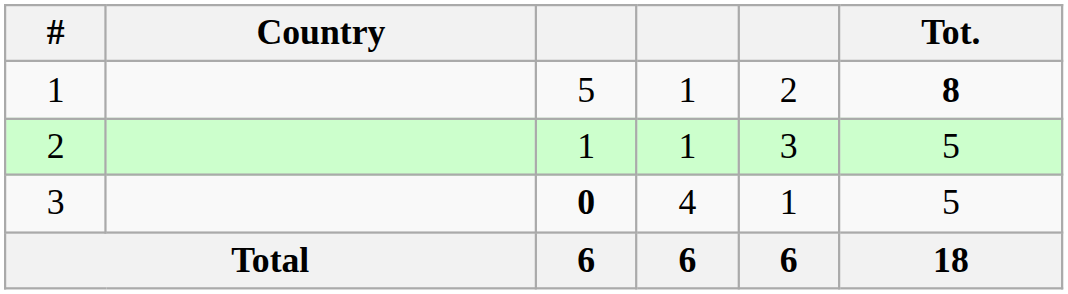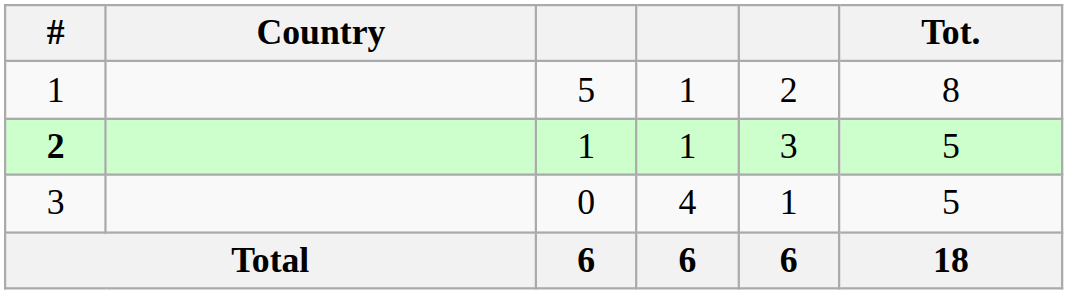 <table class="wikitable" width=30% style="font-size:100%; text-align:center;">
 <tr>
 <th>#</th>
 <th>Country</th>
 <th></th>
 <th></th>
 <th></th>
 <th>Tot.</th>
 </tr>
 <tr>
 <td>1</td>
 <td align=left></td>
 <td>5</td>
 <td>1</td>
 <td>2</td>
-<td><strong>8</strong></td>
+<td>8</td>
 </tr>
 <tr style="background:#ccffcc;">
-<td>2</td>
+<td><strong>2</strong></td>
 <td align=left></td>
 <td>1</td>
 <td>1</td>
 <td>3</td>
 <td>5</td>
 </tr>
 <tr>
 <td>3</td>
 <td align=left></td>
-<td><strong>0</strong></td>
+<td>0</td>
 <td>4</td>
 <td>1</td>
 <td>5</td>
 </tr>
 <tr class="sortbottom">
 <th colspan=2>Total</th>
 <th>6</th>
 <th>6</th>
 <th>6</th>
 <th>18</th>
 </tr>
 </table>
